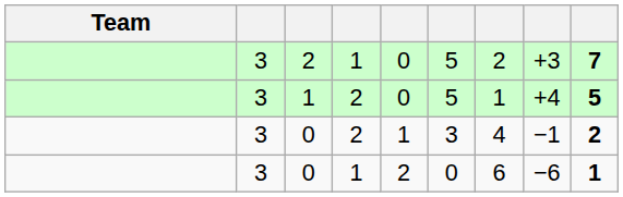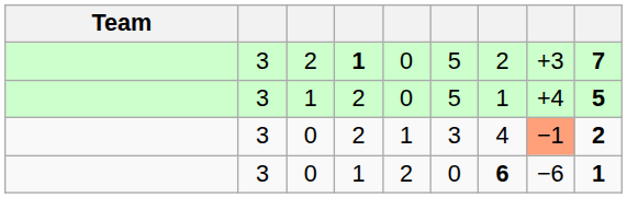 <table class="wikitable" style="text-align:center;">
 <tr>
 <th width=150>Team</th>
 <th width=25></th>
 <th width=25></th>
 <th width=25></th>
 <th width=25></th>
 <th width=25></th>
 <th width=25></th>
 <th width=25></th>
 <th width=25></th>
 </tr>
 <tr style="background:#cfc;">
 <td align="left"></td>
 <td>3</td>
 <td>2</td>
-<td>1</td>
+<td><strong>1</strong></td>
 <td>0</td>
 <td>5</td>
 <td>2</td>
 <td>+3</td>
 <td><strong>7</strong></td>
 </tr>
 <tr style="background:#ccffcc">
 <td style="text-align:left;"></td>
 <td>3</td>
 <td>1</td>
 <td>2</td>
 <td>0</td>
 <td>5</td>
 <td>1</td>
 <td>+4</td>
 <td><strong>5</strong></td>
 </tr>
 <tr>
 <td style="text-align:left;"></td>
 <td>3</td>
 <td>0</td>
 <td>2</td>
 <td>1</td>
 <td>3</td>
 <td>4</td>
-<td>−1</td>
+<td style="background: lightsalmon;">−1</td>
 <td><strong>2</strong></td>
 </tr>
 <tr>
 <td style="text-align:left;"></td>
 <td>3</td>
 <td>0</td>
 <td>1</td>
 <td>2</td>
 <td>0</td>
-<td>6</td>
+<td><strong>6</strong></td>
 <td>−6</td>
 <td><strong>1</strong></td>
 </tr>
 </table>
